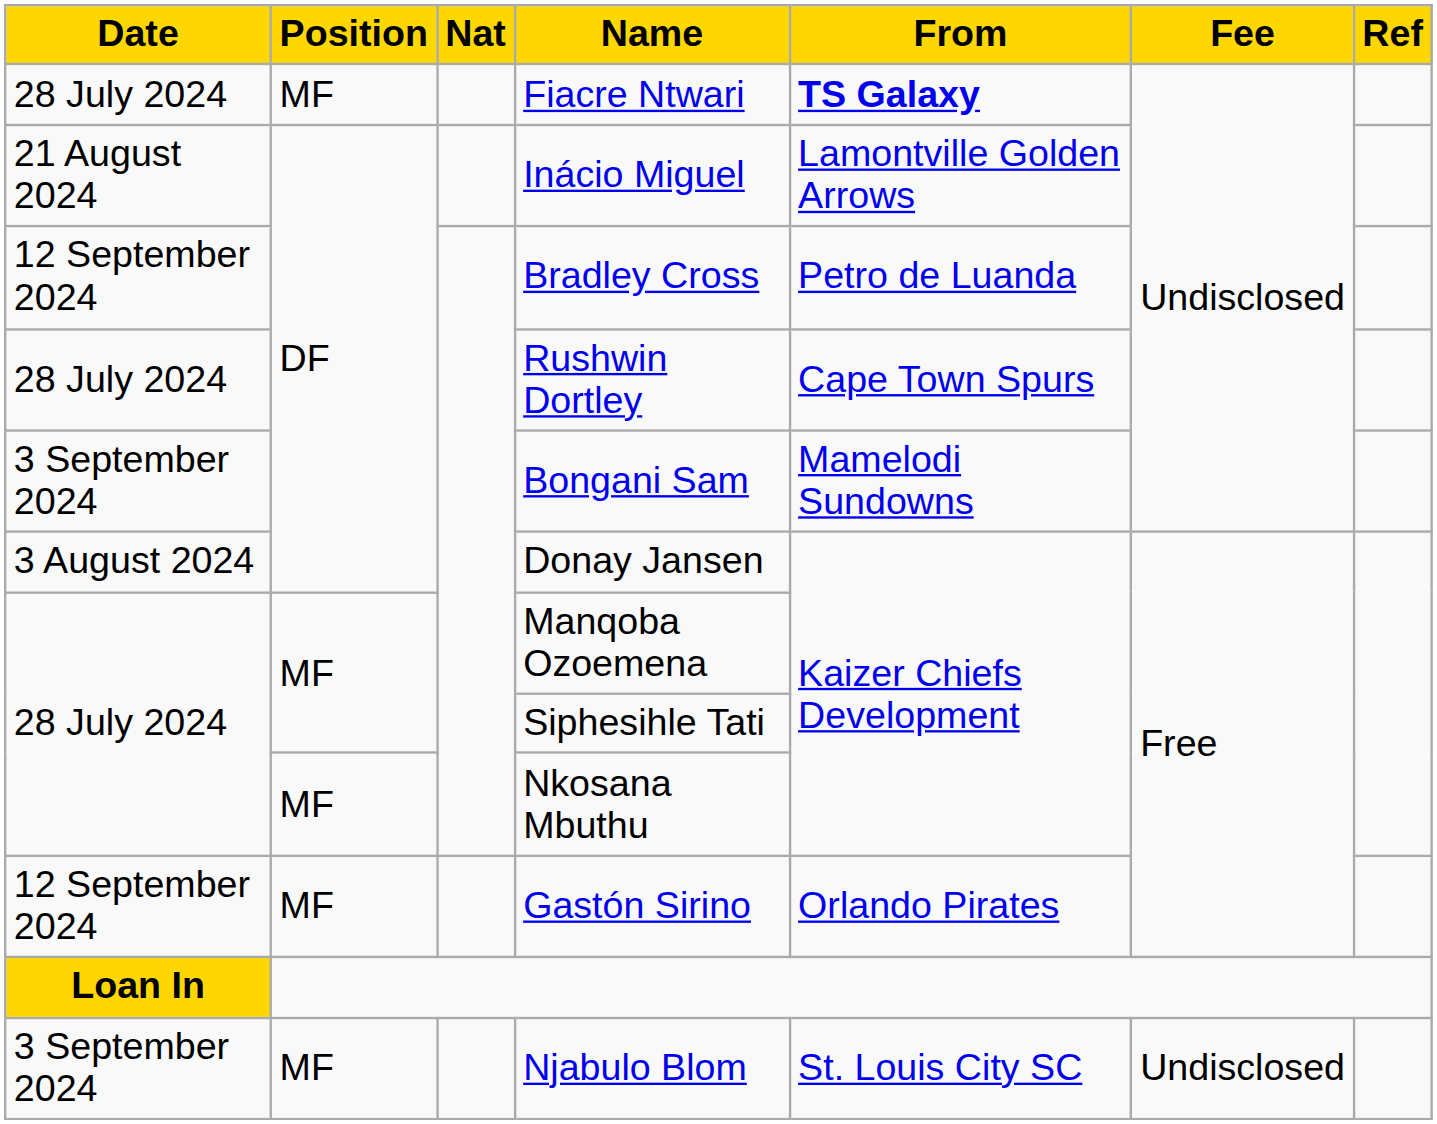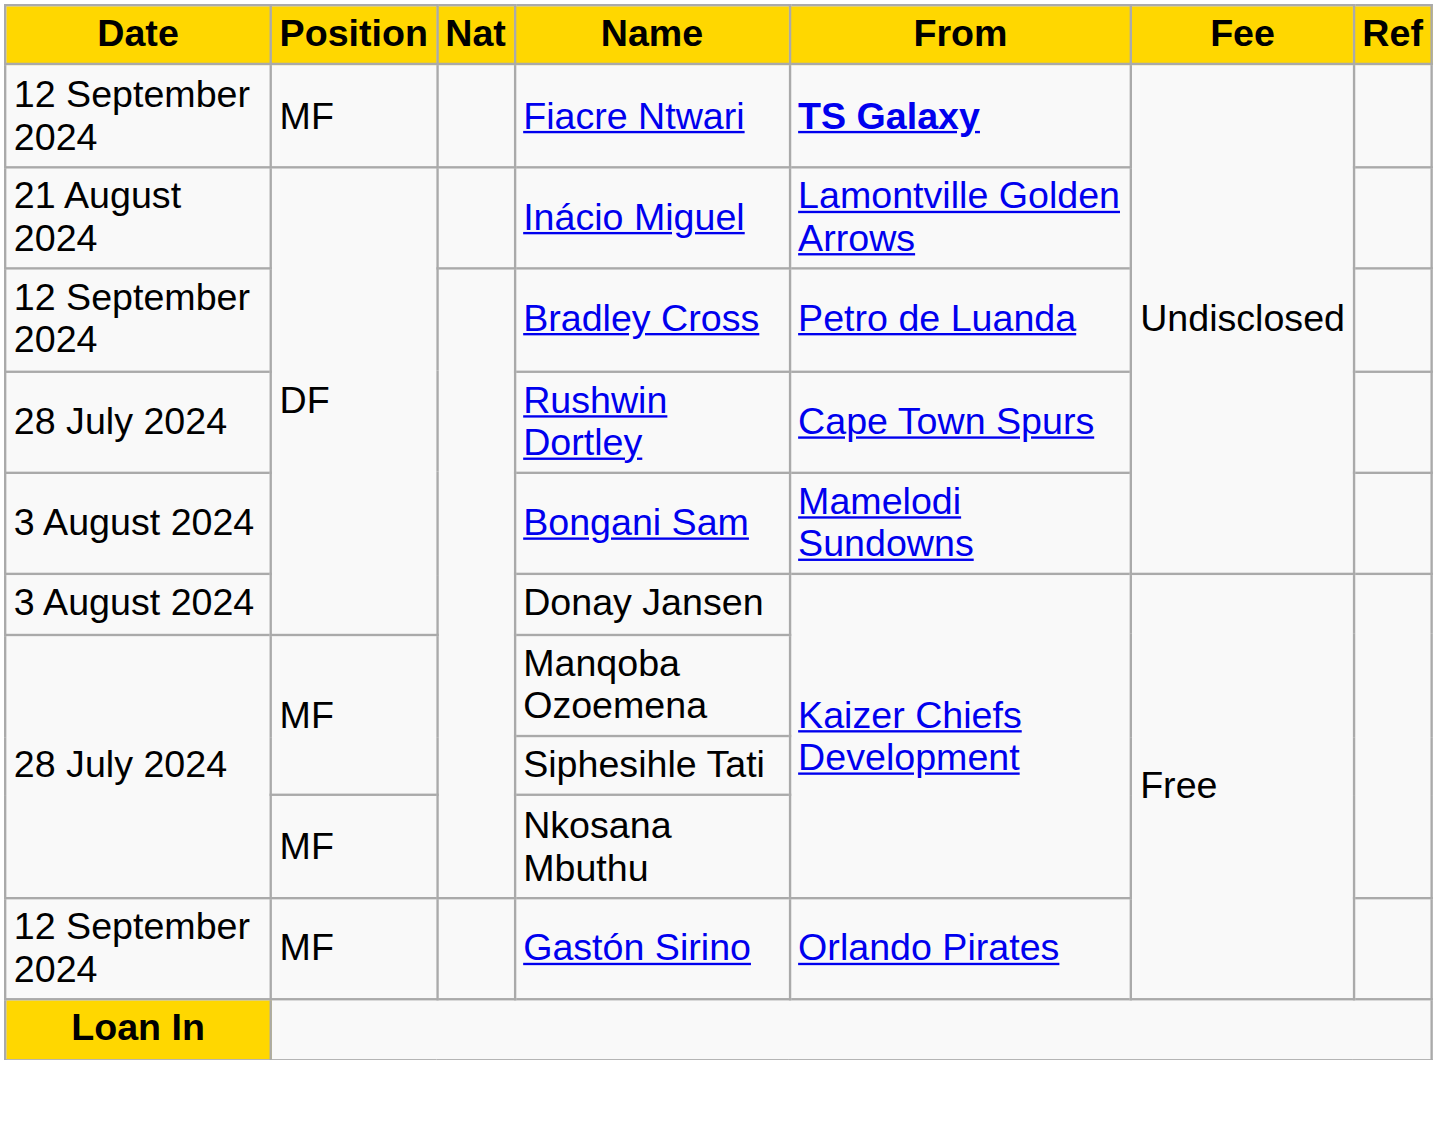 <table class="wikitable plainrowheaders sortable">
 <tr>
 <th style="background:#FFD700; color:Black; ">Date</th>
 <th style="background:#FFD700; color:Black; ">Position</th>
 <th style="background:#FFD700;  color:black; ">Nat</th>
 <th style="background:#FFD700; color:black; ">Name</th>
 <th style="background:#FFD700; color:black; ">From</th>
 <th style="background:#FFD700; color:black; ">Fee</th>
 <th style="background:#FFD700; color:black; text-align:center;">Ref</th>
 </tr>
 <tr>
-<td>28 July 2024</td>
+<td>12 September 2024</td>
 <td>MF</td>
 <td></td>
 <td><a href='#'>Fiacre Ntwari</a></td>
 <td><strong><a href='#'>TS Galaxy</a></strong></td>
 <td rowspan="5">Undisclosed</td>
 <td></td>
 </tr>
 <tr>
 <td>21 August 2024</td>
 <td rowspan="5">DF</td>
 <td></td>
 <td><a href='#'>Inácio Miguel</a></td>
 <td><a href='#'>Lamontville Golden Arrows</a></td>
 <td></td>
 </tr>
 <tr>
 <td>12 September 2024</td>
 <td rowspan="7"></td>
 <td><a href='#'>Bradley Cross</a></td>
 <td><a href='#'>Petro de Luanda</a></td>
 <td></td>
 </tr>
 <tr>
 <td>28 July 2024</td>
 <td><a href='#'>Rushwin Dortley</a></td>
 <td><a href='#'>Cape Town Spurs</a></td>
 <td></td>
 </tr>
 <tr>
-<td>3 September 2024</td>
+<td>3 August 2024</td>
 <td><a href='#'>Bongani Sam</a></td>
 <td><a href='#'>Mamelodi Sundowns</a></td>
 <td></td>
 </tr>
 <tr>
 <td>3 August 2024</td>
 <td>Donay Jansen</td>
 <td rowspan="4"><a href='#'>Kaizer Chiefs Development</a></td>
 <td rowspan="5">Free</td>
 <td rowspan="4"></td>
 </tr>
 <tr>
 <td rowspan="3">28 July 2024</td>
 <td rowspan="2">MF</td>
 <td>Manqoba Ozoemena</td>
 </tr>
 <tr>
 <td>Siphesihle Tati</td>
 </tr>
 <tr>
 <td>MF</td>
 <td>Nkosana Mbuthu</td>
 </tr>
 <tr>
 <td>12 September 2024</td>
 <td>MF</td>
 <td></td>
 <td><a href='#'>Gastón Sirino</a></td>
 <td><a href='#'>Orlando Pirates</a></td>
 <td></td>
 </tr>
 <tr>
 <th style="background:#FFD700; color:Black;">Loan In</th>
 </tr>
-<tr>
-<td>3 September 2024</td>
-<td>MF</td>
-<td></td>
-<td><a href='#'>Njabulo Blom</a></td>
-<td><a href='#'>St. Louis City SC</a></td>
-<td>Undisclosed</td>
-<td></td>
-</tr>
 </table>
